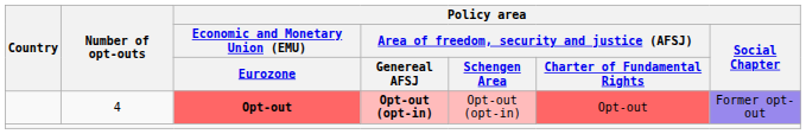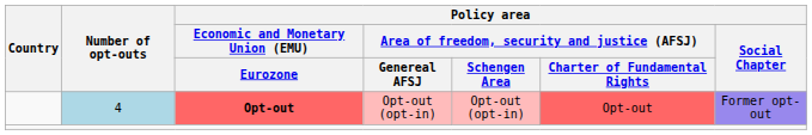 <table class="wikitable" style="text-align: center">
 <tr>
 <th rowspan=3>Country</th>
 <th rowspan=3>Number of opt‑outs</th>
 <th colspan=5>Policy area</th>
 </tr>
 <tr>
 <th><a href='#'>Economic and Monetary Union</a> (EMU)</th>
 <th colspan=3><a href='#'>Area of freedom, security and justice</a> (AFSJ)</th>
 <th rowspan=2><a href='#'>Social Chapter</a></th>
 </tr>
 <tr>
 <th><a href='#'>Eurozone</a></th>
 <th>Genereal AFSJ</th>
 <th><a href='#'>Schengen Area</a></th>
 <th><a href='#'>Charter of Fundamental Rights</a></th>
 </tr>
 <tr>
 <td style="text-align: left"></td>
-<td>4</td>
+<td style="background: lightblue;">4</td>
 <td style="background: #FF6666"><strong>Opt-out</strong></td>
-<td style="background: #FFBBBB"><strong>Opt-out<br>(opt-in)</strong></td>
+<td style="background: #FFBBBB">Opt-out<br>(opt-in)</td>
 <td style="background: #FFBBBB">Opt-out<br>(opt-in)</td>
 <td style="background: #FF6666">Opt-out</td>
 <td style="background: #9888ED">Former opt-out</td>
 </tr>
 <tr>
 <td colspan="7" style="text-align: left; font-size:90%"></td>
 </tr>
 </table>
